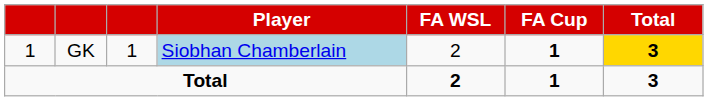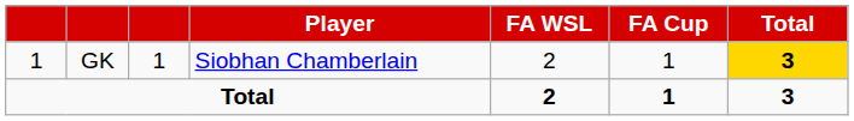 <table class="wikitable" style="text-align:center;">
 <tr>
 <th style="background:#d50000; color:white; width:35px;"></th>
 <th style="background:#d50000; color:white; width:35px;"></th>
 <th style="background:#d50000; color:white; width:35px;"></th>
 <th style="background:#d50000; color:white; width:200px;">Player</th>
 <th style="background:#d50000; color:white; width:75px;">FA WSL</th>
 <th style="background:#d50000; color:white; width:75px;">FA Cup</th>
 <th style="background:#d50000; color:white; width:75px;"><strong>Total</strong></th>
 </tr>
 <tr>
 <td rowspan="1">1</td>
 <td>GK</td>
 <td>1</td>
-<td align=left style="background: lightblue;"> <a href='#'>Siobhan Chamberlain</a></td>
+<td align=left> <a href='#'>Siobhan Chamberlain</a></td>
 <td>2</td>
-<td><strong>1</strong></td>
+<td>1</td>
 <td style="background: gold;"><strong>3</strong></td>
 </tr>
 <tr>
 <td colspan="4"><strong>Total</strong></td>
 <td><strong>2</strong></td>
 <td><strong>1</strong></td>
 <td><strong>3</strong></td>
 </tr>
 </table>
